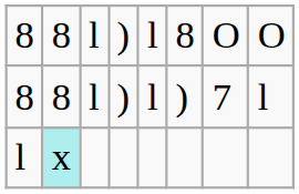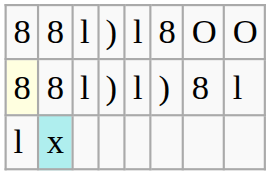 <table class="wikitable" align="center" style="margin-left:1em;">
 <tr>
 <td>8</td>
 <td>8</td>
 <td>l</td>
 <td (8>)</td>
 <td>l</td>
 <td>8</td>
 <td>O</td>
 <td>O</td>
 </tr>
 <tr>
-<td>8</td>
+<td style="background: lightyellow;">8</td>
 <td>8</td>
 <td>l</td>
 <td (8>)</td>
 <td>l</td>
 <td (8>)</td>
-<td>7</td>
+<td>8</td>
 <td>l</td>
 </tr>
 <tr>
 <td>l</td>
 <td style="background: paleturquoise;">x</td>
 <td></td>
 <td></td>
 <td></td>
 <td></td>
 <td></td>
 <td></td>
 </tr>
 </table>
